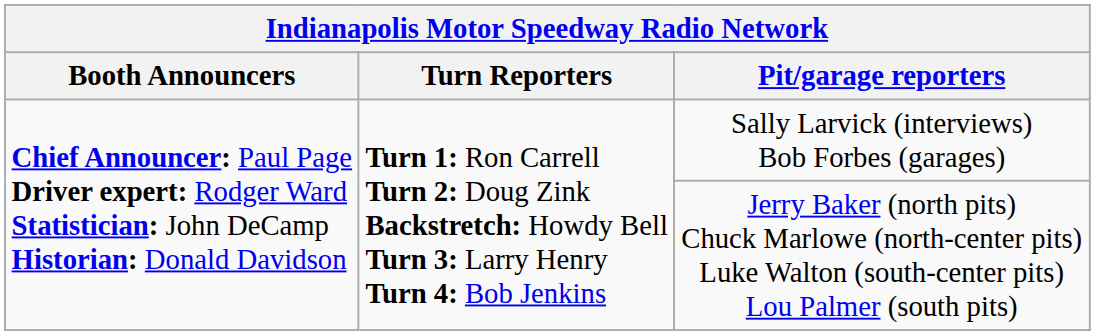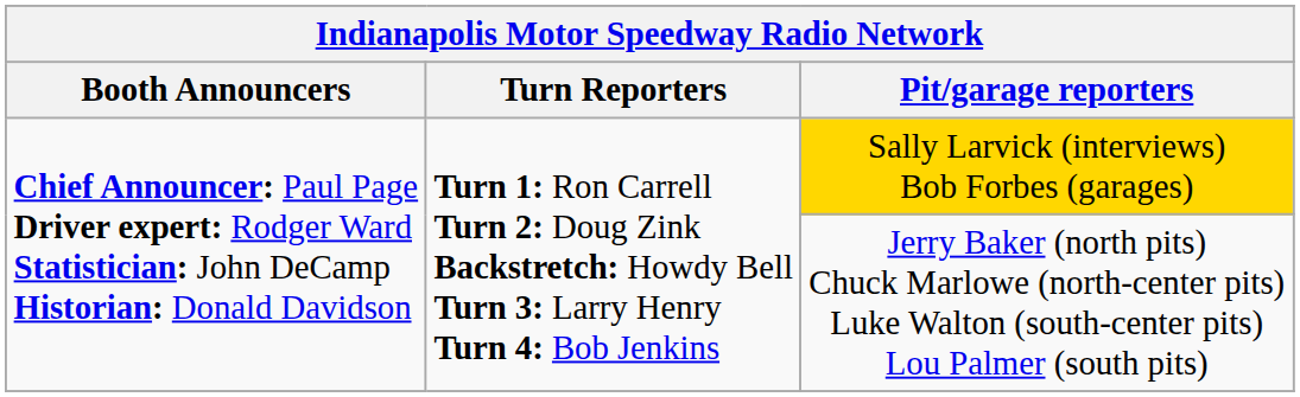 <table class="wikitable" style="font-size: 95%;">
 <tr>
 <th colspan=3><a href='#'>Indianapolis Motor Speedway Radio Network</a></th>
 </tr>
 <tr>
 <th>Booth Announcers</th>
 <th>Turn Reporters</th>
 <th><a href='#'>Pit/garage reporters</a></th>
 </tr>
 <tr>
 <td valign="top" rowspan=2><br><strong><a href='#'>Chief Announcer</a>:</strong> <a href='#'>Paul Page</a><br> <strong>Driver expert:</strong> <a href='#'>Rodger Ward</a><br> <strong><a href='#'>Statistician</a>:</strong> John DeCamp<br> <strong><a href='#'>Historian</a>:</strong> <a href='#'>Donald Davidson</a><br></td>
 <td valign="top" rowspan=2><br><strong>Turn 1:</strong> Ron Carrell<br>     <strong>Turn 2:</strong> Doug Zink<br> <strong>Backstretch:</strong> Howdy Bell<br> <strong>Turn 3:</strong> Larry Henry<br> <strong>Turn 4:</strong> <a href='#'>Bob Jenkins</a><br></td>
-<td align="center" valign="top">Sally Larvick (interviews) <strong></strong><br>Bob Forbes (garages)<br></td>
+<td align="center" valign="top" style="background: gold;">Sally Larvick (interviews) <strong></strong><br>Bob Forbes (garages)<br></td>
 </tr>
 <tr>
 <td align="center" valign="top"><a href='#'>Jerry Baker</a> (north pits)<br>Chuck Marlowe (north-center pits)<br>Luke Walton (south-center pits)<br><a href='#'>Lou Palmer</a> (south pits)<br></td>
 </tr>
 </table>
